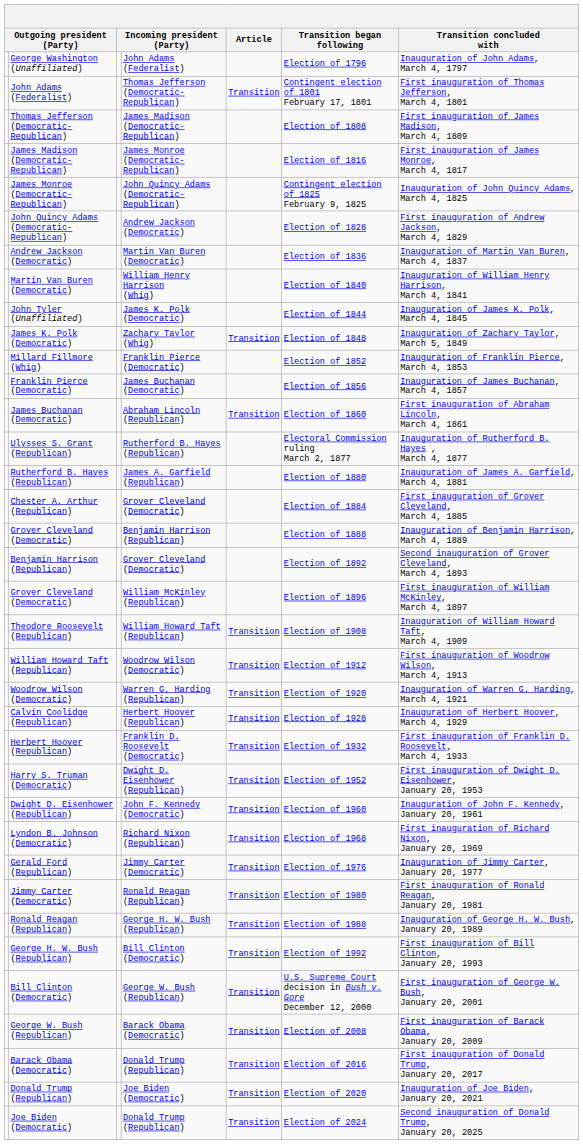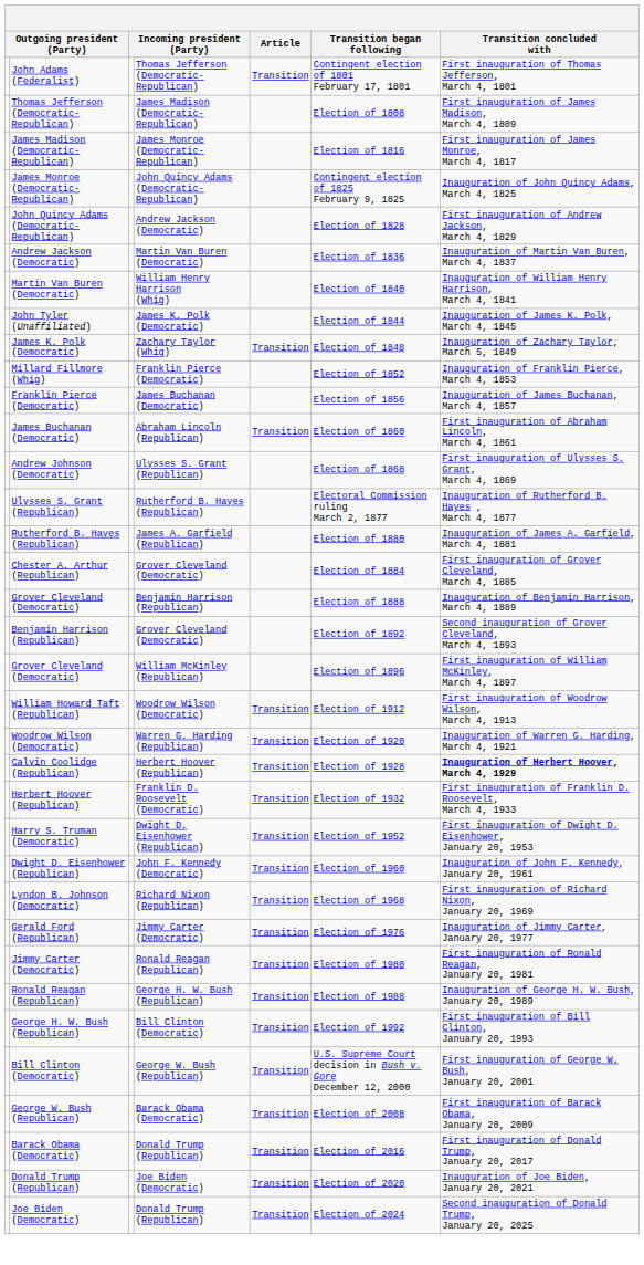 <table class="wikitable">
 <tr>
 <th colspan=7>  <br>   </th>
 </tr>
 <tr>
 <th colspan=2>Outgoing president<br>(Party)</th>
 <th Colspan=2>Incoming president<br>(Party)</th>
 <th>Article</th>
 <th>Transition began<br>following</th>
 <th>Transition concluded<br>with</th>
-</tr>
-<tr>
-<td style="background-color:"></td>
-<td><a href='#'>George Washington</a><br>(<em>Unaffiliated</em>)</td>
-<td style="background-color:"></td>
-<td><a href='#'>John Adams</a><br>(<a href='#'>Federalist</a>)</td>
-<td></td>
-<td><a href='#'>Election of 1796</a></td>
-<td><a href='#'>Inauguration of John Adams</a>,<br>March 4, 1797</td>
 </tr>
 <tr>
 <td style="background-color:"></td>
 <td><a href='#'>John Adams</a><br>(<a href='#'>Federalist</a>)</td>
 <td style="background-color:"></td>
 <td><a href='#'>Thomas Jefferson</a><br>(<a href='#'>Democratic-Republican</a>)</td>
 <td><a href='#'>Transition</a></td>
 <td><a href='#'>Contingent election of 1801</a><br>February 17, 1801</td>
 <td><a href='#'>First inauguration of Thomas Jefferson</a>,<br>March 4, 1801</td>
 </tr>
 <tr>
 <td style="background-color:"></td>
 <td><a href='#'>Thomas Jefferson</a><br>(<a href='#'>Democratic-Republican</a>)</td>
 <td style="background-color:"></td>
 <td><a href='#'>James Madison</a><br>(<a href='#'>Democratic-Republican</a>)</td>
 <td></td>
 <td><a href='#'>Election of 1808</a></td>
 <td><a href='#'>First inauguration of James Madison</a>,<br>March 4, 1809</td>
 </tr>
 <tr>
 <td style="background-color:"></td>
 <td><a href='#'>James Madison</a><br>(<a href='#'>Democratic-Republican</a>)</td>
 <td style="background-color:"></td>
 <td><a href='#'>James Monroe</a><br>(<a href='#'>Democratic-Republican</a>)</td>
 <td></td>
 <td><a href='#'>Election of 1816</a></td>
 <td><a href='#'>First inauguration of James Monroe</a>,<br>March 4, 1817</td>
 </tr>
 <tr>
 <td style="background-color:"></td>
 <td><a href='#'>James Monroe</a><br>(<a href='#'>Democratic-Republican</a>)</td>
 <td style="background-color:"></td>
 <td><a href='#'>John Quincy Adams</a><br>(<a href='#'>Democratic-Republican</a>)</td>
 <td></td>
 <td><a href='#'>Contingent election of 1825</a> <br>February 9, 1825</td>
 <td><a href='#'>Inauguration of John Quincy Adams</a>,<br>March 4, 1825</td>
 </tr>
 <tr>
 <td style="background-color:"></td>
 <td><a href='#'>John Quincy Adams</a><br>(<a href='#'>Democratic-Republican</a>)</td>
 <td style="background-color:"></td>
 <td><a href='#'>Andrew Jackson</a><br>(<a href='#'>Democratic</a>)</td>
 <td></td>
 <td><a href='#'>Election of 1828</a></td>
 <td><a href='#'>First inauguration of Andrew Jackson</a>,<br>March 4, 1829</td>
 </tr>
 <tr>
 <td style="background-color:"></td>
 <td><a href='#'>Andrew Jackson</a><br>(<a href='#'>Democratic</a>)</td>
 <td style="background-color:"></td>
 <td><a href='#'>Martin Van Buren</a><br>(<a href='#'>Democratic</a>)</td>
 <td></td>
 <td><a href='#'>Election of 1836</a></td>
 <td><a href='#'>Inauguration of Martin Van Buren</a>,<br>March 4, 1837</td>
 </tr>
 <tr>
 <td style="background-color:"></td>
 <td><a href='#'>Martin Van Buren</a><br>(<a href='#'>Democratic</a>)</td>
 <td style="background-color:"></td>
 <td><a href='#'>William Henry Harrison</a><br>(<a href='#'>Whig</a>)</td>
 <td></td>
 <td><a href='#'>Election of 1840</a></td>
 <td><a href='#'>Inauguration of William Henry Harrison</a>,<br>March 4, 1841</td>
 </tr>
 <tr>
 <td style="background-color:"></td>
 <td><a href='#'>John Tyler</a><br>(<em>Unaffiliated</em>)</td>
 <td style="background-color:"></td>
 <td><a href='#'>James K. Polk</a><br>(<a href='#'>Democratic</a>)</td>
 <td></td>
 <td><a href='#'>Election of 1844</a></td>
 <td><a href='#'>Inauguration of James K. Polk</a>,<br>March 4, 1845</td>
 </tr>
 <tr>
 <td style="background-color:"></td>
 <td><a href='#'>James K. Polk</a><br>(<a href='#'>Democratic</a>)</td>
 <td style="background-color:"></td>
 <td><a href='#'>Zachary Taylor</a><br>(<a href='#'>Whig</a>)</td>
 <td><a href='#'>Transition</a></td>
 <td><a href='#'>Election of 1848</a></td>
 <td><a href='#'>Inauguration of Zachary Taylor</a>,<br>March 5, 1849</td>
 </tr>
 <tr>
 <td style="background-color:"></td>
 <td><a href='#'>Millard Fillmore</a><br>(<a href='#'>Whig</a>)</td>
 <td style="background-color:"></td>
 <td><a href='#'>Franklin Pierce</a><br>(<a href='#'>Democratic</a>)</td>
 <td></td>
 <td><a href='#'>Election of 1852</a></td>
 <td><a href='#'>Inauguration of Franklin Pierce</a>,<br>March 4, 1853</td>
 </tr>
 <tr>
 <td style="background-color:"></td>
 <td><a href='#'>Franklin Pierce</a><br>(<a href='#'>Democratic</a>)</td>
 <td style="background-color:"></td>
 <td><a href='#'>James Buchanan</a><br>(<a href='#'>Democratic</a>)</td>
 <td></td>
 <td><a href='#'>Election of 1856</a></td>
 <td><a href='#'>Inauguration of James Buchanan</a>,<br>March 4, 1857</td>
 </tr>
 <tr>
 <td style="background-color:"></td>
 <td><a href='#'>James Buchanan</a><br>(<a href='#'>Democratic</a>)</td>
 <td style="background-color:"></td>
 <td><a href='#'>Abraham Lincoln</a><br>(<a href='#'>Republican</a>)</td>
 <td><a href='#'>Transition</a></td>
 <td><a href='#'>Election of 1860</a></td>
 <td><a href='#'>First inauguration of Abraham Lincoln</a>,<br>March 4, 1861</td>
 </tr>
 <tr>
 <td style="background-color:"></td>
+<td><a href='#'>Andrew Johnson</a><br>(<a href='#'>Democratic</a>)</td>
+<td style="background-color:"></td>
+<td><a href='#'>Ulysses S. Grant</a><br>(<a href='#'>Republican</a>)</td>
+<td></td>
+<td><a href='#'>Election of 1868</a></td>
+<td><a href='#'>First inauguration of Ulysses S. Grant</a>,<br>March 4, 1869</td>
+</tr>
+<tr>
+<td style="background-color:"></td>
 <td><a href='#'>Ulysses S. Grant</a><br>(<a href='#'>Republican</a>)</td>
 <td style="background-color:"></td>
 <td><a href='#'>Rutherford B. Hayes</a><br>(<a href='#'>Republican</a>)</td>
 <td></td>
 <td><a href='#'>Electoral Commission</a> ruling<br>March 2, 1877</td>
 <td><a href='#'>Inauguration of Rutherford B. Hayes</a> ,<br>March 4, 1877</td>
 </tr>
 <tr>
 <td style="background-color:"></td>
 <td><a href='#'>Rutherford B. Hayes</a><br>(<a href='#'>Republican</a>)</td>
 <td style="background-color:"></td>
 <td><a href='#'>James A. Garfield</a><br>(<a href='#'>Republican</a>)</td>
 <td></td>
 <td><a href='#'>Election of 1880</a></td>
 <td><a href='#'>Inauguration of James A. Garfield</a>,<br>March 4, 1881</td>
 </tr>
 <tr>
 <td style="background-color:"></td>
 <td><a href='#'>Chester A. Arthur</a><br>(<a href='#'>Republican</a>)</td>
 <td style="background-color:"></td>
 <td><a href='#'>Grover Cleveland</a><br>(<a href='#'>Democratic</a>)</td>
 <td></td>
 <td><a href='#'>Election of 1884</a></td>
 <td><a href='#'>First inauguration of Grover Cleveland</a>,<br>March 4, 1885</td>
 </tr>
 <tr>
 <td style="background-color:"></td>
 <td><a href='#'>Grover Cleveland</a><br>(<a href='#'>Democratic</a>)</td>
 <td style="background-color:"></td>
 <td><a href='#'>Benjamin Harrison</a><br>(<a href='#'>Republican</a>)</td>
 <td></td>
 <td><a href='#'>Election of 1888</a></td>
 <td><a href='#'>Inauguration of Benjamin Harrison</a>,<br>March 4, 1889</td>
 </tr>
 <tr>
 <td style="background-color:"></td>
 <td><a href='#'>Benjamin Harrison</a><br>(<a href='#'>Republican</a>)</td>
 <td style="background-color:"></td>
 <td><a href='#'>Grover Cleveland</a><br>(<a href='#'>Democratic</a>)</td>
 <td></td>
 <td><a href='#'>Election of 1892</a></td>
 <td><a href='#'>Second inauguration of Grover Cleveland</a>,<br>March 4, 1893</td>
 </tr>
 <tr>
 <td style="background-color:"></td>
 <td><a href='#'>Grover Cleveland</a><br>(<a href='#'>Democratic</a>)</td>
 <td style="background-color:"></td>
 <td><a href='#'>William McKinley</a><br>(<a href='#'>Republican</a>)</td>
 <td></td>
 <td><a href='#'>Election of 1896</a></td>
 <td><a href='#'>First inauguration of William McKinley</a>,<br>March 4, 1897</td>
 </tr>
 <tr>
 <td style="background-color:"></td>
-<td><a href='#'>Theodore Roosevelt</a><br>(<a href='#'>Republican</a>)</td>
-<td style="background-color:"></td>
-<td><a href='#'>William Howard Taft</a><br>(<a href='#'>Republican</a>)</td>
-<td><a href='#'>Transition</a></td>
-<td><a href='#'>Election of 1908</a></td>
-<td><a href='#'>Inauguration of William Howard Taft</a>,<br>March 4, 1909</td>
-</tr>
-<tr>
-<td style="background-color:"></td>
 <td><a href='#'>William Howard Taft</a><br>(<a href='#'>Republican</a>)</td>
 <td style="background-color:"></td>
 <td><a href='#'>Woodrow Wilson</a><br>(<a href='#'>Democratic</a>)</td>
 <td><a href='#'>Transition</a></td>
 <td><a href='#'>Election of 1912</a></td>
 <td><a href='#'>First inauguration of Woodrow Wilson</a>,<br>March 4, 1913</td>
 </tr>
 <tr>
 <td style="background-color:"></td>
 <td><a href='#'>Woodrow Wilson</a><br>(<a href='#'>Democratic</a>)</td>
 <td style="background-color:"></td>
 <td><a href='#'>Warren G. Harding</a><br>(<a href='#'>Republican</a>)</td>
 <td><a href='#'>Transition</a></td>
 <td><a href='#'>Election of 1920</a></td>
 <td><a href='#'>Inauguration of Warren G. Harding</a>,<br>March 4, 1921</td>
 </tr>
 <tr>
 <td style="background-color:"></td>
 <td><a href='#'>Calvin Coolidge</a><br>(<a href='#'>Republican</a>)</td>
 <td style="background-color:"></td>
 <td><a href='#'>Herbert Hoover</a><br>(<a href='#'>Republican</a>)</td>
 <td><a href='#'>Transition</a></td>
 <td><a href='#'>Election of 1928</a></td>
-<td><a href='#'>Inauguration of Herbert Hoover</a>,<br>March 4, 1929</td>
+<td><strong><a href='#'>Inauguration of Herbert Hoover</a>,<br>March 4, 1929</strong></td>
 </tr>
 <tr>
 <td style="background-color:"></td>
 <td><a href='#'>Herbert Hoover</a><br>(<a href='#'>Republican</a>)</td>
 <td style="background-color:"></td>
 <td><a href='#'>Franklin D. Roosevelt</a><br>(<a href='#'>Democratic</a>)</td>
 <td><a href='#'>Transition</a></td>
 <td><a href='#'>Election of 1932</a></td>
 <td><a href='#'>First inauguration of Franklin D. Roosevelt</a>,<br>March 4, 1933</td>
 </tr>
 <tr>
 <td style="background-color:"></td>
 <td><a href='#'>Harry S. Truman</a><br>(<a href='#'>Democratic</a>)</td>
 <td style="background-color:"></td>
 <td><a href='#'>Dwight D. Eisenhower</a><br>(<a href='#'>Republican</a>)</td>
 <td><a href='#'>Transition</a></td>
 <td><a href='#'>Election of 1952</a></td>
 <td><a href='#'>First inauguration of Dwight D. Eisenhower</a>,<br>January 20, 1953</td>
 </tr>
 <tr>
 <td style="background-color:"></td>
 <td><a href='#'>Dwight D. Eisenhower</a><br>(<a href='#'>Republican</a>)</td>
 <td style="background-color:"></td>
 <td><a href='#'>John F. Kennedy</a><br>(<a href='#'>Democratic</a>)</td>
 <td><a href='#'>Transition</a></td>
 <td><a href='#'>Election of 1960</a></td>
 <td><a href='#'>Inauguration of John F. Kennedy</a>,<br>January 20, 1961</td>
 </tr>
 <tr>
 <td style="background-color:"></td>
 <td><a href='#'>Lyndon B. Johnson</a><br>(<a href='#'>Democratic</a>)</td>
 <td style="background-color:"></td>
 <td><a href='#'>Richard Nixon</a><br>(<a href='#'>Republican</a>)</td>
 <td><a href='#'>Transition</a></td>
 <td><a href='#'>Election of 1968</a></td>
 <td><a href='#'>First inauguration of Richard Nixon</a>,<br>January 20, 1969</td>
 </tr>
 <tr>
 <td style="background-color:"></td>
 <td><a href='#'>Gerald Ford</a><br>(<a href='#'>Republican</a>)</td>
 <td style="background-color:"></td>
 <td><a href='#'>Jimmy Carter</a><br>(<a href='#'>Democratic</a>)</td>
 <td><a href='#'>Transition</a></td>
 <td><a href='#'>Election of 1976</a></td>
 <td><a href='#'>Inauguration of Jimmy Carter</a>,<br>January 20, 1977</td>
 </tr>
 <tr>
 <td style="background-color:"></td>
 <td><a href='#'>Jimmy Carter</a><br>(<a href='#'>Democratic</a>)</td>
 <td style="background-color:"></td>
 <td><a href='#'>Ronald Reagan</a><br>(<a href='#'>Republican</a>)</td>
 <td><a href='#'>Transition</a></td>
 <td><a href='#'>Election of 1980</a></td>
 <td><a href='#'>First inauguration of Ronald Reagan</a>,<br>January 20, 1981</td>
 </tr>
 <tr>
 <td style="background-color:"></td>
 <td><a href='#'>Ronald Reagan</a><br>(<a href='#'>Republican</a>)</td>
 <td style="background-color:"></td>
 <td><a href='#'>George H. W. Bush</a><br>(<a href='#'>Republican</a>)</td>
 <td><a href='#'>Transition</a></td>
 <td><a href='#'>Election of 1988</a></td>
 <td><a href='#'>Inauguration of George H. W. Bush</a>,<br>January 20, 1989</td>
 </tr>
 <tr>
 <td style="background-color:"></td>
 <td><a href='#'>George H. W. Bush</a><br>(<a href='#'>Republican</a>)</td>
 <td style="background-color:"></td>
 <td><a href='#'>Bill Clinton</a><br>(<a href='#'>Democratic</a>)</td>
 <td><a href='#'>Transition</a></td>
 <td><a href='#'>Election of 1992</a></td>
 <td><a href='#'>First inauguration of Bill Clinton</a>,<br>January 20, 1993</td>
 </tr>
 <tr>
 <td style="background-color:"></td>
 <td><a href='#'>Bill Clinton</a><br>(<a href='#'>Democratic</a>)</td>
 <td style="background-color:"></td>
 <td><a href='#'>George W. Bush</a><br>(<a href='#'>Republican</a>)</td>
 <td><a href='#'>Transition</a></td>
 <td><a href='#'>U.S. Supreme Court</a><br> decision in <em><a href='#'>Bush v. Gore</a></em><br>December 12, 2000</td>
 <td><a href='#'>First inauguration of George W. Bush</a>,<br>January 20, 2001</td>
 </tr>
 <tr>
 <td style="background-color:"></td>
 <td><a href='#'>George W. Bush</a><br>(<a href='#'>Republican</a>)</td>
 <td style="background-color:"></td>
 <td><a href='#'>Barack Obama</a><br>(<a href='#'>Democratic</a>)</td>
 <td><a href='#'>Transition</a></td>
 <td><a href='#'>Election of 2008</a></td>
 <td><a href='#'>First inauguration of Barack Obama</a>,<br>January 20, 2009</td>
 </tr>
 <tr>
 <td style="background-color:"></td>
 <td><a href='#'>Barack Obama</a><br>(<a href='#'>Democratic</a>)</td>
 <td style="background-color:"></td>
 <td><a href='#'>Donald Trump</a><br>(<a href='#'>Republican</a>)</td>
 <td><a href='#'>Transition</a></td>
 <td><a href='#'>Election of 2016</a></td>
 <td><a href='#'>First inauguration of Donald Trump</a>,<br>January 20, 2017</td>
 </tr>
 <tr>
 <td style="background-color:"></td>
 <td><a href='#'>Donald Trump</a><br>(<a href='#'>Republican</a>)</td>
 <td style="background-color:"></td>
 <td><a href='#'>Joe Biden</a><br>(<a href='#'>Democratic</a>)</td>
 <td><a href='#'>Transition</a></td>
 <td><a href='#'>Election of 2020</a></td>
 <td><a href='#'>Inauguration of Joe Biden</a>,<br><small></small> January 20, 2021</td>
 </tr>
 <tr>
 <td style="background-color:"></td>
 <td><a href='#'>Joe Biden</a><br>(<a href='#'>Democratic</a>)</td>
 <td style="background-color:"></td>
 <td><a href='#'>Donald Trump</a><br>(<a href='#'>Republican</a>)</td>
 <td><a href='#'>Transition</a></td>
 <td><a href='#'>Election of 2024</a></td>
 <td><a href='#'>Second inauguration of Donald Trump</a>,<br>January 20, 2025</td>
 </tr>
 </table>
